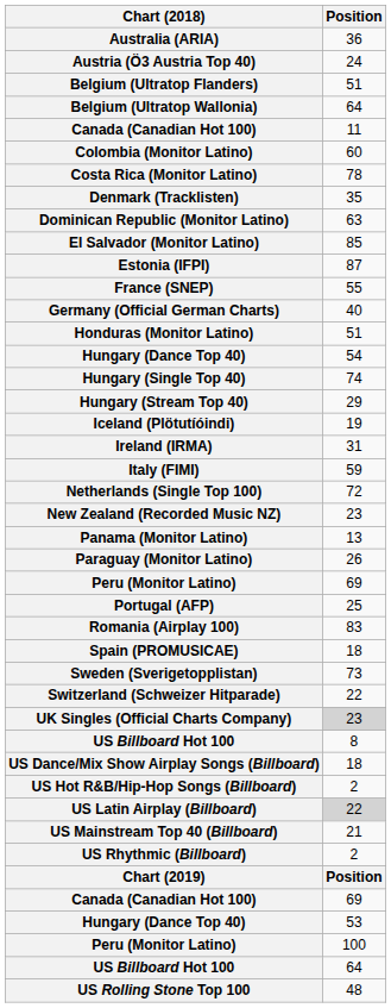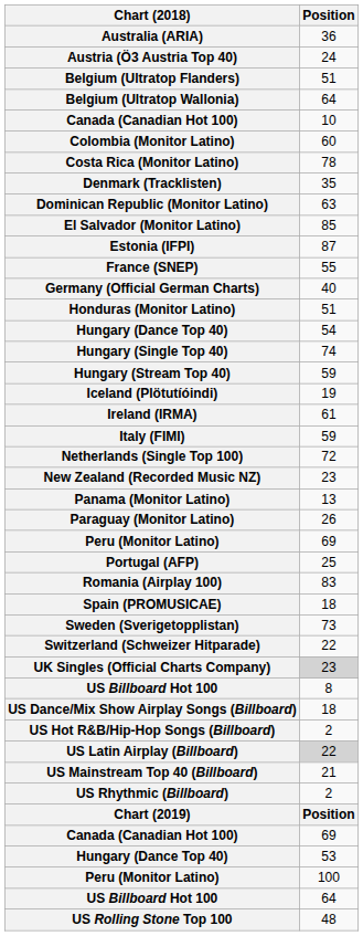 <table class="wikitable sortable plainrowheaders" style="text-align:center">
 <tr>
 <th scope="col">Chart (2018)</th>
 <th scope="col">Position</th>
 </tr>
 <tr>
 <th scope="row">Australia (ARIA)</th>
 <td>36</td>
 </tr>
 <tr>
 <th scope="row">Austria (Ö3 Austria Top 40)</th>
 <td>24</td>
 </tr>
 <tr>
 <th scope="row">Belgium (Ultratop Flanders)</th>
 <td>51</td>
 </tr>
 <tr>
 <th scope="row">Belgium (Ultratop Wallonia)</th>
 <td>64</td>
 </tr>
 <tr>
 <th scope="row">Canada (Canadian Hot 100)</th>
-<td>11</td>
+<td>10</td>
 </tr>
 <tr>
 <th scope="row">Colombia (Monitor Latino)</th>
 <td>60</td>
 </tr>
 <tr>
 <th scope="row">Costa Rica (Monitor Latino)</th>
 <td>78</td>
 </tr>
 <tr>
 <th scope="row">Denmark (Tracklisten)</th>
 <td>35</td>
 </tr>
 <tr>
 <th scope="row">Dominican Republic (Monitor Latino)</th>
 <td>63</td>
 </tr>
 <tr>
 <th scope="row">El Salvador (Monitor Latino)</th>
 <td>85</td>
 </tr>
 <tr>
 <th scope="row">Estonia (IFPI)</th>
 <td>87</td>
 </tr>
 <tr>
 <th scope="row">France (SNEP)</th>
 <td>55</td>
 </tr>
 <tr>
 <th scope="row">Germany (Official German Charts)</th>
 <td>40</td>
 </tr>
 <tr>
 <th scope="row">Honduras (Monitor Latino)</th>
 <td>51</td>
 </tr>
 <tr>
 <th scope="row">Hungary (Dance Top 40)</th>
 <td>54</td>
 </tr>
 <tr>
 <th scope="row">Hungary (Single Top 40)</th>
 <td>74</td>
 </tr>
 <tr>
 <th scope="row">Hungary (Stream Top 40)</th>
-<td>29</td>
+<td>59</td>
 </tr>
 <tr>
 <th scope="row">Iceland (Plötutíóindi)</th>
 <td>19</td>
 </tr>
 <tr>
 <th scope="row">Ireland (IRMA)</th>
-<td>31</td>
+<td>61</td>
 </tr>
 <tr>
 <th scope="row">Italy (FIMI)</th>
 <td>59</td>
 </tr>
 <tr>
 <th scope="row">Netherlands (Single Top 100)</th>
 <td>72</td>
 </tr>
 <tr>
 <th scope="row">New Zealand (Recorded Music NZ)</th>
 <td>23</td>
 </tr>
 <tr>
 <th scope="row">Panama (Monitor Latino)</th>
 <td>13</td>
 </tr>
 <tr :>
 <th scope="row">Paraguay (Monitor Latino)</th>
 <td>26</td>
 </tr>
 <tr>
 <th scope="row">Peru (Monitor Latino)</th>
 <td>69</td>
 </tr>
 <tr>
 <th scope="row">Portugal (AFP)</th>
 <td>25</td>
 </tr>
 <tr>
 <th scope="row">Romania (Airplay 100)</th>
 <td>83</td>
 </tr>
 <tr>
 <th scope="row">Spain (PROMUSICAE)</th>
 <td>18</td>
 </tr>
 <tr>
 <th scope="row">Sweden (Sverigetopplistan)</th>
 <td>73</td>
 </tr>
 <tr>
 <th scope="row">Switzerland (Schweizer Hitparade)</th>
 <td>22</td>
 </tr>
 <tr>
 <th scope="row">UK Singles (Official Charts Company)</th>
 <td style="background: lightgrey;">23</td>
 </tr>
 <tr>
 <th scope="row">US <em>Billboard</em> Hot 100</th>
 <td>8</td>
 </tr>
 <tr>
 <th scope="row">US Dance/Mix Show Airplay Songs (<em>Billboard</em>)</th>
 <td>18</td>
 </tr>
 <tr>
 <th scope="row">US Hot R&B/Hip-Hop Songs (<em>Billboard</em>)</th>
 <td>2</td>
 </tr>
 <tr>
 <th scope="row">US Latin Airplay (<em>Billboard</em>)</th>
 <td style="background: lightgrey;">22</td>
 </tr>
 <tr>
 <th scope="row">US Mainstream Top 40 (<em>Billboard</em>)</th>
 <td>21</td>
 </tr>
 <tr>
 <th scope="row">US Rhythmic (<em>Billboard</em>)</th>
 <td>2</td>
 </tr>
 <tr>
 <th scope="col">Chart (2019)</th>
 <th scope="col">Position</th>
 </tr>
 <tr>
 <th scope="row">Canada (Canadian Hot 100)</th>
 <td>69</td>
 </tr>
 <tr>
 <th scope="row">Hungary (Dance Top 40)</th>
 <td>53</td>
 </tr>
 <tr>
 <th scope="row">Peru (Monitor Latino)</th>
 <td>100</td>
 </tr>
 <tr>
 <th scope="row">US <em>Billboard</em> Hot 100</th>
 <td>64</td>
 </tr>
 <tr>
 <th scope="row">US <em>Rolling Stone</em> Top 100</th>
 <td>48</td>
 </tr>
 </table>
